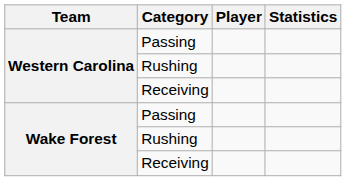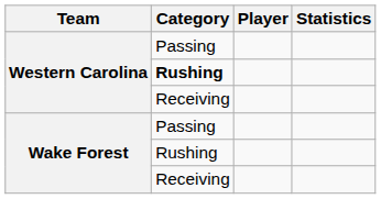 <table class="wikitable" style="float:right">
 <tr>
 <th>Team</th>
 <th>Category</th>
 <th>Player</th>
 <th>Statistics</th>
 </tr>
 <tr>
 <th rowspan=3>Western Carolina</th>
 <td>Passing</td>
 <td></td>
 <td></td>
 </tr>
 <tr>
-<td>Rushing</td>
+<td><strong>Rushing</strong></td>
 <td></td>
 <td></td>
 </tr>
 <tr>
 <td>Receiving</td>
 <td></td>
 <td></td>
 </tr>
 <tr>
 <th rowspan=3>Wake Forest</th>
 <td>Passing</td>
 <td></td>
 <td></td>
 </tr>
 <tr>
 <td>Rushing</td>
 <td></td>
 <td></td>
 </tr>
 <tr>
 <td>Receiving</td>
 <td></td>
 <td></td>
 </tr>
 </table>
